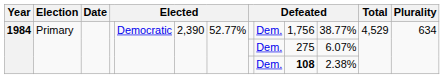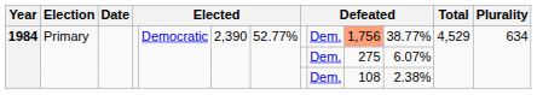 <table class=wikitable>
 <tr>
 <th>Year</th>
 <th>Election</th>
 <th>Date</th>
 <th ! colspan="4">Elected</th>
 <th ! colspan="4">Defeated</th>
 <th>Total</th>
 <th>Plurality</th>
 </tr>
 <tr>
 <th rowspan="3" valign="top">1984</th>
 <td rowspan="3" valign="top">Primary</td>
 <td rowspan="3" valign="top"></td>
 <td rowspan="3" valign="top"></td>
 <td rowspan="3" valign="top" ><a href='#'>Democratic</a></td>
 <td rowspan="3" valign="top" align="right">2,390</td>
 <td rowspan="3" valign="top" align="right">52.77%</td>
 <td valign="top"></td>
 <td valign="top" ><a href='#'>Dem.</a></td>
-<td valign="top" align="right">1,756</td>
+<td valign="top" align="right" style="background: lightsalmon;">1,756</td>
 <td valign="top" align="right">38.77%</td>
 <td rowspan="3" valign="top" align="right">4,529</td>
 <td rowspan="3" valign="top" align="right">634</td>
 </tr>
 <tr>
 <td valign="top"></td>
 <td valign="top" ><a href='#'>Dem.</a></td>
 <td valign="top" align="right">275</td>
 <td valign="top" align="right">6.07%</td>
 </tr>
 <tr>
 <td valign="top"></td>
 <td valign="top" ><a href='#'>Dem.</a></td>
-<td valign="top" align="right"><strong>108</strong></td>
+<td valign="top" align="right">108</td>
 <td valign="top" align="right">2.38%</td>
 </tr>
 </table>
